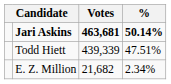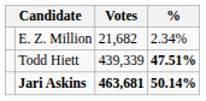 <table class="wikitable">
 <tr>
 <th colspan="2" rowspan="1" align="center" valign="top"><strong>Candidate</strong></th>
 <th valign="top"><strong>Votes</strong></th>
 <th valign="top"><strong>%</strong></th>
 </tr>
 <tr>
 <td style="background-color:"> </td>
-<td><strong>Jari Askins</strong></td>
-<td><strong>463,681</strong></td>
-<td><strong>50.14%</strong></td>
+<td>E. Z. Million</td>
+<td>21,682</td>
+<td>2.34%</td>
 </tr>
 <tr>
 <td style="background-color:"> </td>
 <td>Todd Hiett</td>
 <td>439,339</td>
-<td>47.51%</td>
+<td><strong>47.51%</strong></td>
 </tr>
 <tr>
 <td style="background-color:"> </td>
-<td>E. Z. Million</td>
-<td>21,682</td>
-<td>2.34%</td>
+<td><strong>Jari Askins</strong></td>
+<td><strong>463,681</strong></td>
+<td><strong>50.14%</strong></td>
 </tr>
 </table>
